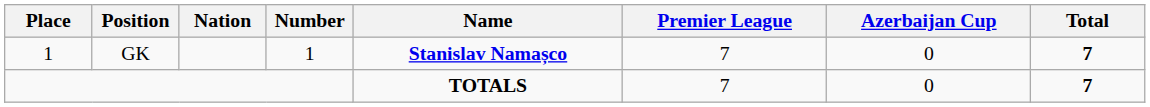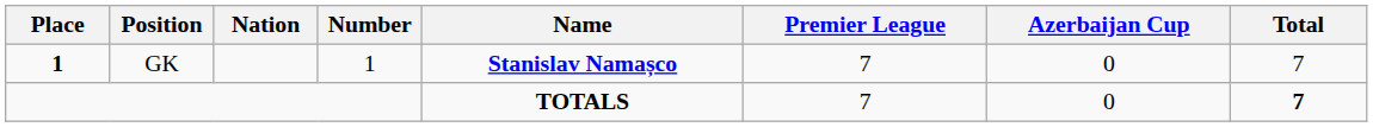 <table class="wikitable" style="font-size: 95%; text-align: center;">
 <tr>
 <th width=60>Place</th>
 <th width=60>Position</th>
 <th width=60>Nation</th>
 <th width=60>Number</th>
 <th width=200>Name</th>
 <th width=150><a href='#'>Premier League</a></th>
 <th width=150><a href='#'>Azerbaijan Cup</a></th>
 <th width=80>Total</th>
 </tr>
 <tr>
-<td>1</td>
+<td><strong>1</strong></td>
 <td>GK</td>
 <td></td>
 <td>1</td>
 <td><strong><a href='#'>Stanislav Namașco</a></strong></td>
 <td>7</td>
 <td>0</td>
-<td><strong>7</strong></td>
+<td>7</td>
 </tr>
 <tr>
 <td colspan="4"></td>
 <td><strong>TOTALS</strong></td>
 <td>7</td>
 <td>0</td>
 <td><strong>7</strong></td>
 </tr>
 </table>
